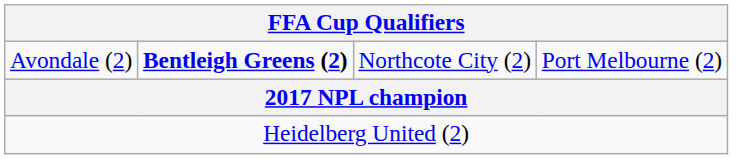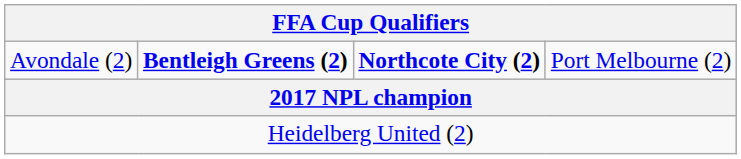 <table class="wikitable" style="text-align:center">
 <tr>
 <th colspan=4><a href='#'>FFA Cup Qualifiers</a></th>
 </tr>
 <tr>
 <td><a href='#'>Avondale</a> (<a href='#'>2</a>)</td>
 <td><strong><a href='#'>Bentleigh Greens</a> (<a href='#'>2</a>)</strong></td>
-<td><a href='#'>Northcote City</a> (<a href='#'>2</a>)</td>
+<td><strong><a href='#'>Northcote City</a> (<a href='#'>2</a>)</strong></td>
 <td><a href='#'>Port Melbourne</a> (<a href='#'>2</a>)</td>
 </tr>
 <tr>
 <th colspan=4><a href='#'>2017 NPL champion</a></th>
 </tr>
 <tr>
 <td colspan=4><a href='#'>Heidelberg United</a> (<a href='#'>2</a>)</td>
 </tr>
 </table>
